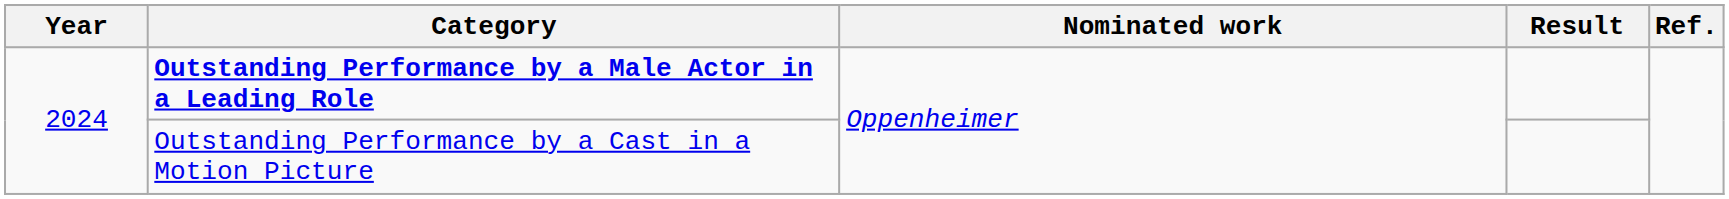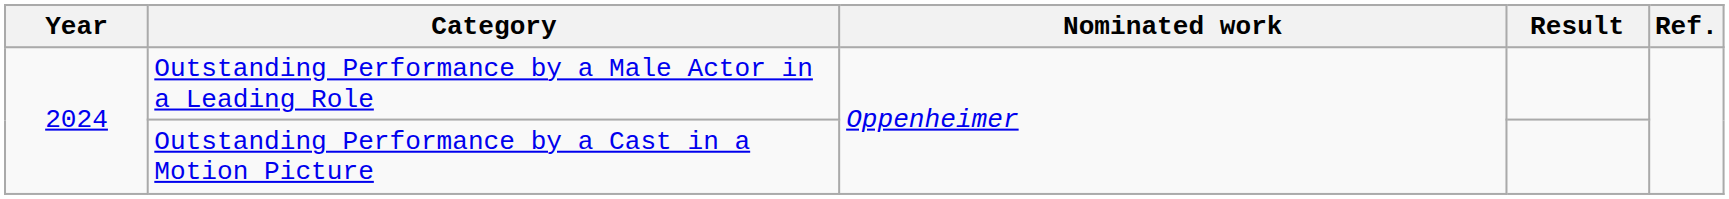 <table class=wikitable>
 <tr>
 <th scope="col" style="width:5em;">Year</th>
 <th scope="col" style="width:26em;">Category</th>
 <th scope="col" style="width:25em;">Nominated work</th>
 <th scope="col" style="width:5em;">Result</th>
 <th>Ref.</th>
 </tr>
 <tr>
 <td rowspan="2" style="text-align:center;"><a href='#'>2024</a></td>
-<td><strong><a href='#'>Outstanding Performance by a Male Actor in a Leading Role</a></strong></td>
+<td><a href='#'>Outstanding Performance by a Male Actor in a Leading Role</a></td>
 <td rowspan="2"><em><a href='#'>Oppenheimer</a></em></td>
 <td></td>
 <td rowspan="2" style="text-align:center;"></td>
 </tr>
 <tr>
 <td><a href='#'>Outstanding Performance by a Cast in a Motion Picture</a></td>
 <td></td>
 </tr>
 </table>
